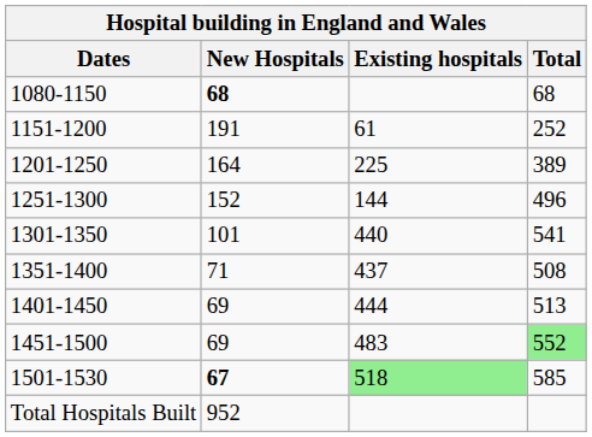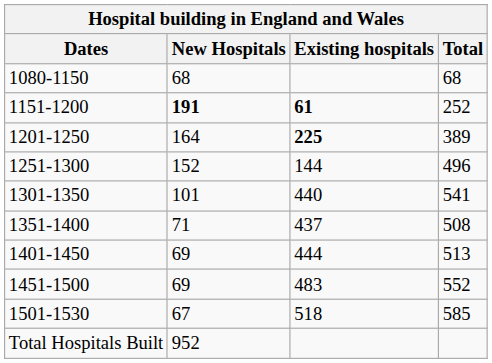 <table class="wikitable collapsible collapsed">
 <tr>
 <th colspan=4>Hospital building in England and Wales</th>
 </tr>
 <tr>
 <th scope="col">Dates</th>
 <th scope="col">New Hospitals</th>
 <th scope="col">Existing hospitals</th>
 <th scope="col">Total</th>
 </tr>
 <tr>
 <td>1080-1150</td>
-<td><strong>68</strong></td>
+<td>68</td>
 <td></td>
 <td>68</td>
 </tr>
 <tr>
 <td>1151-1200</td>
-<td>191</td>
-<td>61</td>
+<td><strong>191</strong></td>
+<td><strong>61</strong></td>
 <td>252</td>
 </tr>
 <tr>
 <td>1201-1250</td>
 <td>164</td>
-<td>225</td>
+<td><strong>225</strong></td>
 <td>389</td>
 </tr>
 <tr>
 <td>1251-1300</td>
 <td>152</td>
 <td>144</td>
 <td>496</td>
 </tr>
 <tr>
 <td>1301-1350</td>
 <td>101</td>
 <td>440</td>
 <td>541</td>
 </tr>
 <tr>
 <td>1351-1400</td>
 <td>71</td>
 <td>437</td>
 <td>508</td>
 </tr>
 <tr>
 <td>1401-1450</td>
 <td>69</td>
 <td>444</td>
 <td>513</td>
 </tr>
 <tr>
 <td>1451-1500</td>
 <td>69</td>
 <td>483</td>
-<td style="background: lightgreen;">552</td>
+<td>552</td>
 </tr>
 <tr>
 <td>1501-1530</td>
-<td><strong>67</strong></td>
-<td style="background: lightgreen;">518</td>
+<td>67</td>
+<td>518</td>
 <td>585</td>
 </tr>
 <tr>
 <td>Total Hospitals Built</td>
 <td>952</td>
 <td></td>
 <td></td>
 </tr>
 </table>
